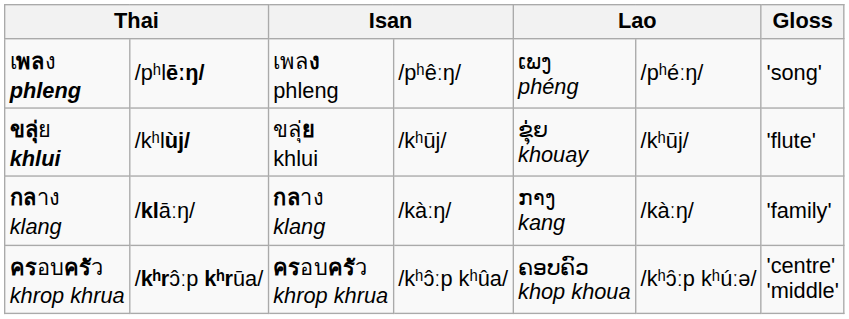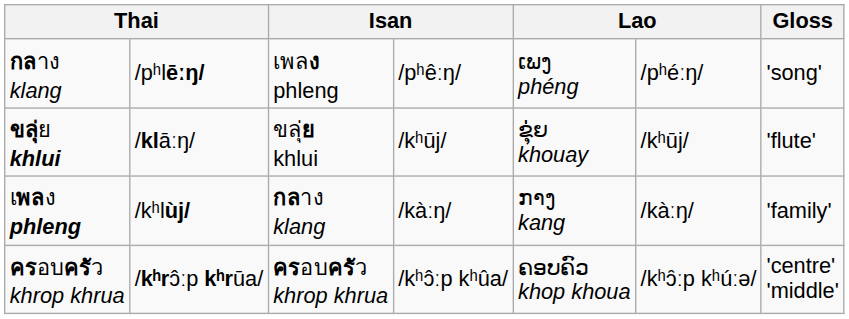 <table class="wikitable">
 <tr>
 <th colspan="2">Thai</th>
 <th colspan="2">Isan</th>
 <th colspan="2">Lao</th>
 <th>Gloss</th>
 </tr>
 <tr>
-<td>เ<strong>พล</strong>ง<br><strong><em>phl<strong>eng<em></td>
+<td><strong>กล</strong>าง<br><em>klang</em></td>
 <td>/</strong>pʰl<strong>ēːŋ/</td>
 <td>เ</strong>พล<strong>ง<br></em></strong>phl</strong>eng</em></td>
 <td>/pʰêːŋ/</td>
 <td>ເພງ<br><em>phéng</em></td>
 <td>/pʰéːŋ/</td>
 <td>'song'</td>
 </tr>
 <tr>
 <td><strong>ขลุ่</strong>ย<br><strong><em>khl<strong>ui<em></td>
-<td>/</strong>kʰl<strong>ùj/</td>
+<td>/<strong>kl</strong>āːŋ/</td>
 <td></strong>ขลุ่<strong>ย<br></em></strong>khl</strong>ui</em></td>
 <td>/kʰūj/</td>
 <td>ຂຸ່ຍ<br><em>khouay</em></td>
 <td>/kʰūj/</td>
 <td>'flute'</td>
 </tr>
 <tr>
-<td><strong>กล</strong>าง<br><em>klang</em></td>
-<td>/<strong>kl</strong>āːŋ/</td>
+<td>เ<strong>พล</strong>ง<br><strong><em>phl<strong>eng<em></td>
+<td>/</strong>kʰl<strong>ùj/</td>
 <td><strong>กล</strong>าง<br><em>klang</em></td>
 <td>/kàːŋ/</td>
 <td>ກາງ<br><em>kang</em></td>
 <td>/kàːŋ/</td>
 <td>'family'</td>
 </tr>
 <tr>
 <td><strong>คร</strong>อบ<strong>ครั</strong>ว<br><em>khrop khrua</em></td>
 <td>/<strong>kʰr</strong>ɔ̂ːp <strong>kʰr</strong>ūa/</td>
 <td><strong>คร</strong>อบ<strong>ครั</strong>ว<br><em>khrop khrua</em></td>
 <td>/kʰɔ̂ːp kʰûa/</td>
 <td>ຄອບຄົວ<br><em>khop khoua</em></td>
 <td>/kʰɔ̑ːp kʰúːə/</td>
 <td>'centre'<br>'middle'</td>
 </tr>
 </table>
